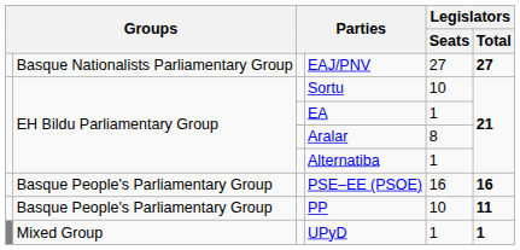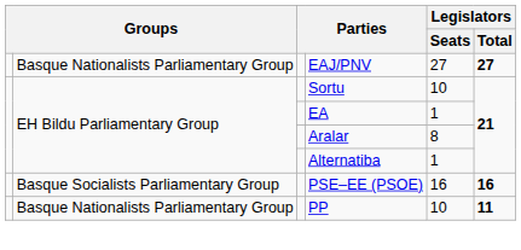 <table class="wikitable" style="text-align:left;">
 <tr>
 <th rowspan="2" colspan="2">Groups</th>
 <th rowspan="2" colspan="2">Parties</th>
 <th colspan="2">Legislators</th>
 </tr>
 <tr>
 <th>Seats</th>
 <th>Total</th>
 </tr>
 <tr>
 <td width="1" style="color:inherit;background:"></td>
 <td>Basque Nationalists Parliamentary Group</td>
 <td width="1" style="color:inherit;background:"></td>
 <td><a href='#'>EAJ/PNV</a></td>
 <td>27</td>
 <td><strong>27</strong></td>
 </tr>
 <tr>
 <td rowspan="4" style="color:inherit;background:"></td>
 <td rowspan="4">EH Bildu Parliamentary Group</td>
 <td style="color:inherit;background:"></td>
 <td><a href='#'>Sortu</a></td>
 <td>10</td>
 <td rowspan="4"><strong>21</strong></td>
 </tr>
 <tr>
 <td style="color:inherit;background:"></td>
 <td><a href='#'>EA</a></td>
 <td>1</td>
 </tr>
 <tr>
 <td style="color:inherit;background:"></td>
 <td><a href='#'>Aralar</a></td>
 <td>8</td>
 </tr>
 <tr>
 <td style="color:inherit;background:"></td>
 <td><a href='#'>Alternatiba</a></td>
 <td>1</td>
 </tr>
 <tr>
 <td style="color:inherit;background:"></td>
-<td>Basque People's Parliamentary Group</td>
+<td>Basque Socialists Parliamentary Group</td>
 <td style="color:inherit;background:"></td>
 <td><a href='#'>PSE–EE (PSOE)</a></td>
 <td>16</td>
 <td><strong>16</strong></td>
 </tr>
 <tr>
 <td style="color:inherit;background:"></td>
-<td>Basque People's Parliamentary Group</td>
+<td>Basque Nationalists Parliamentary Group</td>
 <td style="color:inherit;background:"></td>
 <td><a href='#'>PP</a></td>
 <td>10</td>
 <td><strong>11</strong></td>
 </tr>
-<tr>
-<td bgcolor="gray"></td>
-<td>Mixed Group</td>
-<td style="color:inherit;background:"></td>
-<td><a href='#'>UPyD</a></td>
-<td>1</td>
-<td><strong>1</strong></td>
-</tr>
 </table>
